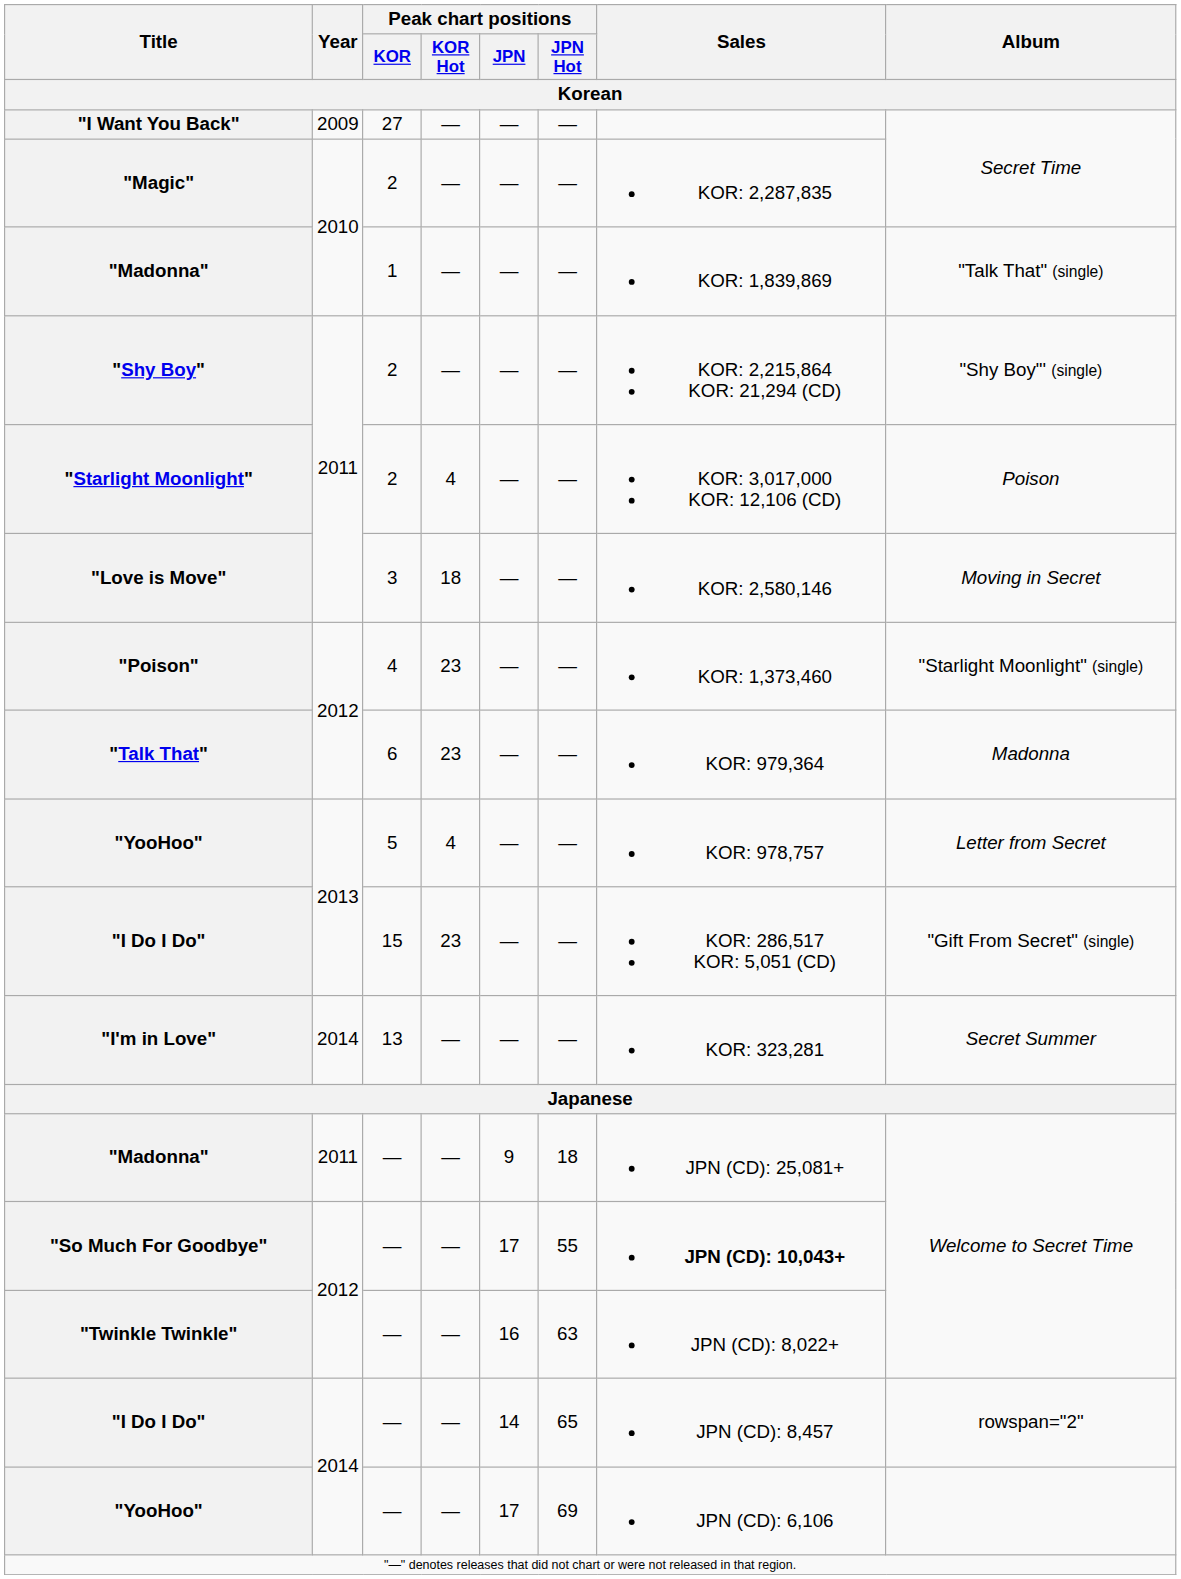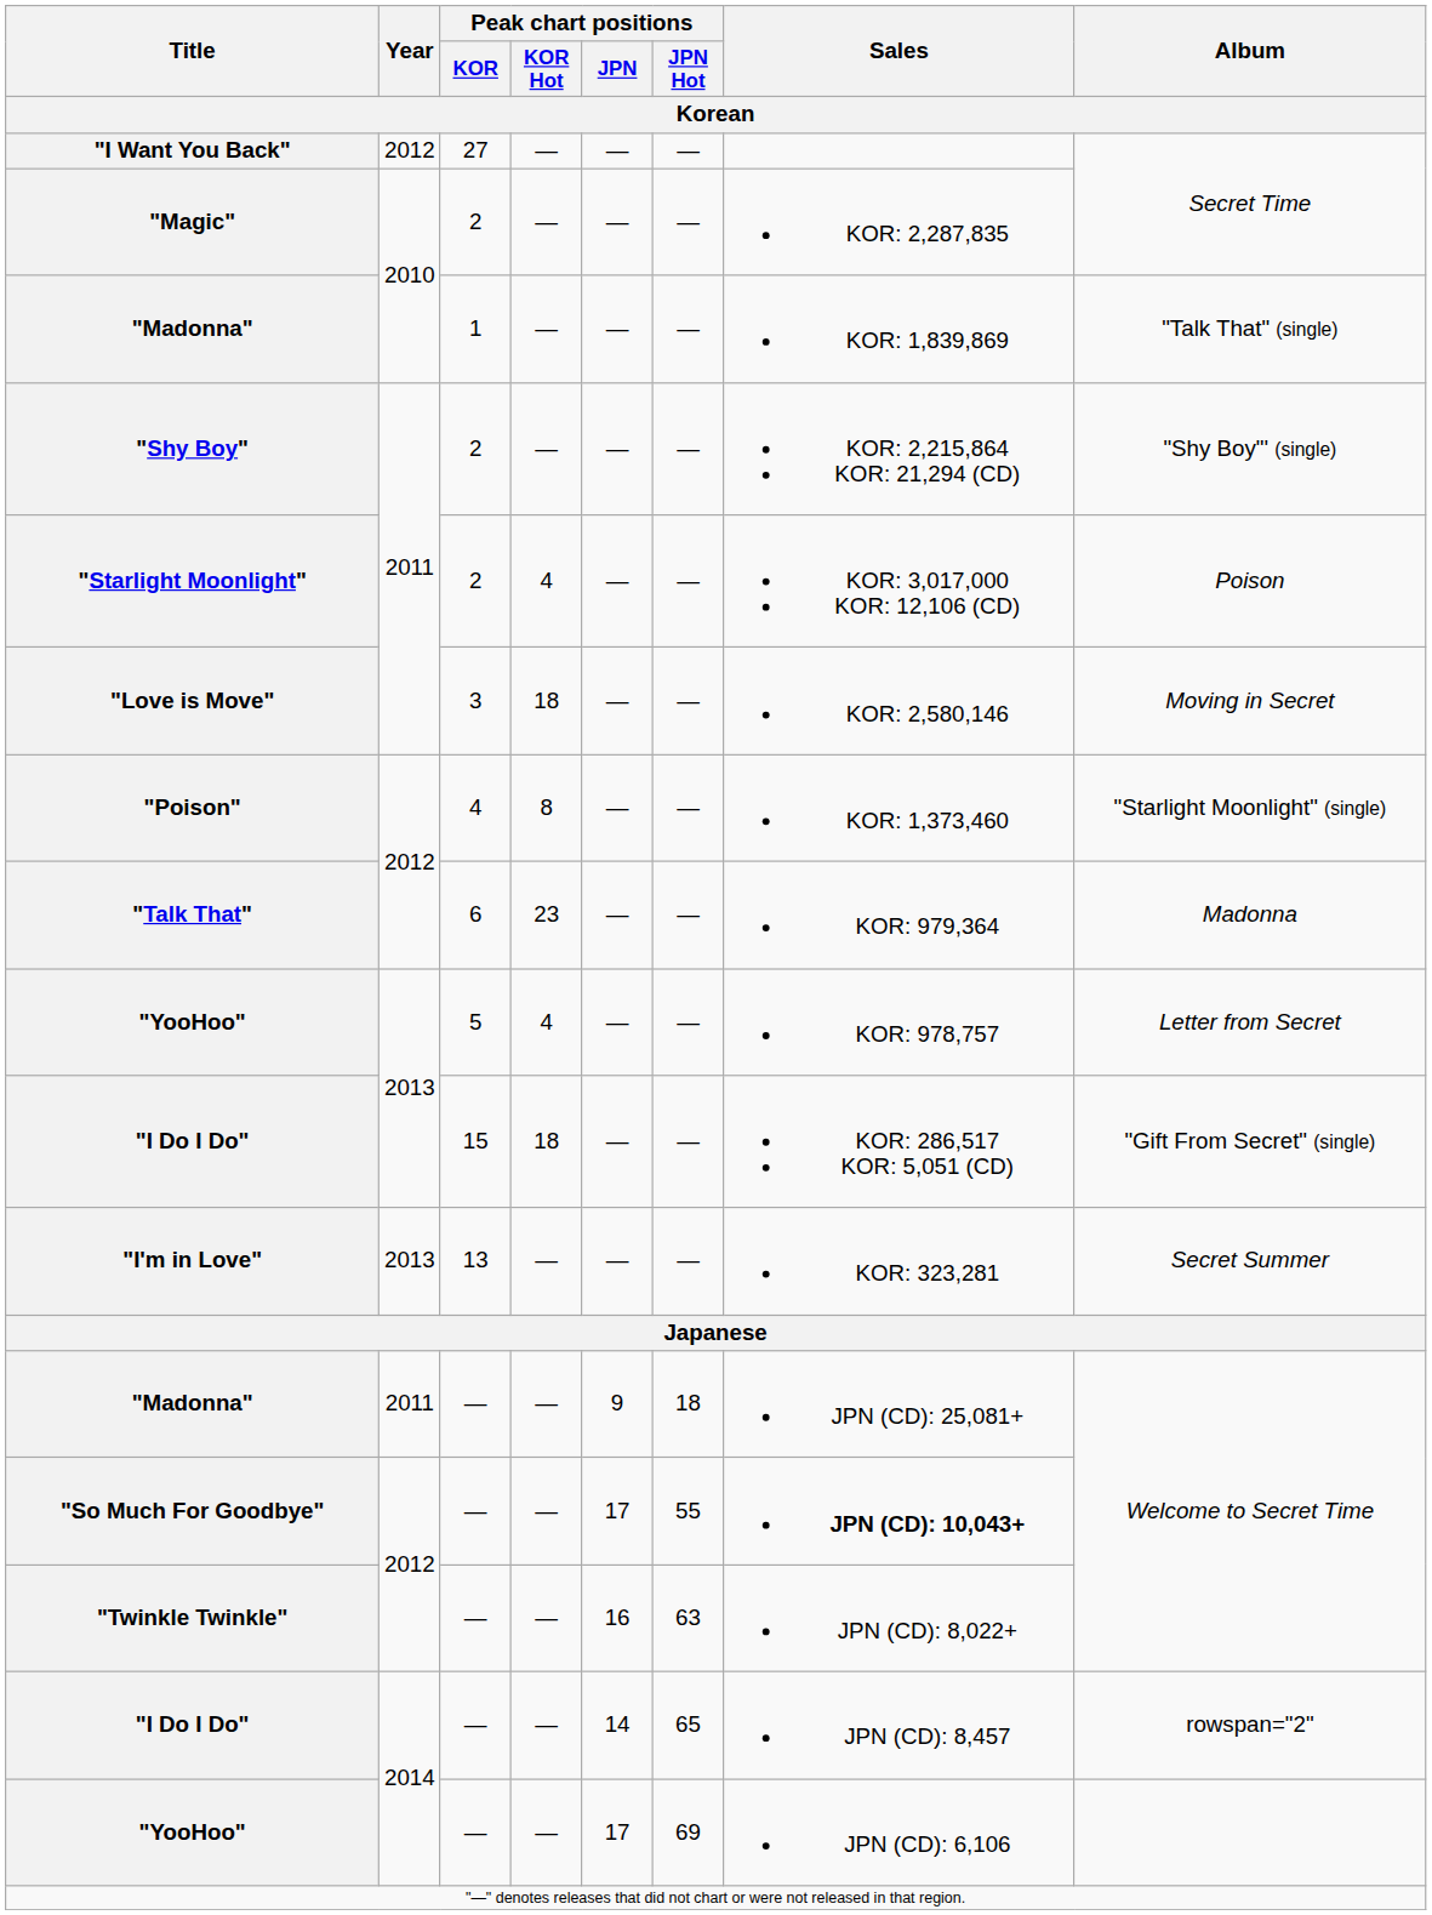 <table class="wikitable plainrowheaders" style="text-align:center;">
 <tr>
 <th scope="col" rowspan="2" style="width:16em;">Title</th>
 <th scope="col" rowspan="2">Year</th>
 <th scope="col" colspan="4">Peak chart positions</th>
 <th scope="col" rowspan="2" style="width:15em;">Sales</th>
 <th scope="col" rowspan="2" style="width:15em;">Album</th>
 </tr>
 <tr>
 <th scope="col" style="width:3em;font-size:90%;"><a href='#'>KOR</a><br></th>
 <th scope="col" style="width:3em;font-size:90%;"><a href='#'>KOR<br>Hot</a><br></th>
 <th scope="col" style="width:3em;font-size:90%;"><a href='#'>JPN</a></th>
 <th scope="col" style="width:3em;font-size:90%;"><a href='#'>JPN<br>Hot</a></th>
 </tr>
 <tr>
 <th colspan="12">Korean</th>
 </tr>
 <tr>
 <th scope="row">"I Want You Back"</th>
-<td>2009</td>
+<td>2012</td>
 <td>27</td>
 <td>—</td>
 <td>—</td>
 <td>—</td>
 <td></td>
 <td rowspan="2"><em>Secret Time</em></td>
 </tr>
 <tr>
 <th scope="row">"Magic"</th>
 <td rowspan="2">2010</td>
 <td>2</td>
 <td>—</td>
 <td>—</td>
 <td>—</td>
 <td><br><ul><li>KOR: 2,287,835</li></ul></td>
 </tr>
 <tr>
 <th scope="row">"Madonna"</th>
 <td>1</td>
 <td>—</td>
 <td>—</td>
 <td>—</td>
 <td><br><ul><li>KOR: 1,839,869</li></ul></td>
 <td>"Talk That" <small>(single)</small></td>
 </tr>
 <tr>
 <th scope="row">"<a href='#'>Shy Boy</a>"</th>
 <td rowspan="3">2011</td>
 <td>2</td>
 <td>—</td>
 <td>—</td>
 <td>—</td>
 <td><br><ul><li>KOR: 2,215,864</li><li>KOR: 21,294 (CD)</li></ul></td>
 <td>"Shy Boy"' <small>(single)</small></td>
 </tr>
 <tr>
 <th scope="row">"<a href='#'>Starlight Moonlight</a>"</th>
 <td>2</td>
 <td>4</td>
 <td>—</td>
 <td>—</td>
 <td><br><ul><li>KOR: 3,017,000</li><li>KOR: 12,106 (CD)</li></ul></td>
 <td><em>Poison</em></td>
 </tr>
 <tr>
 <th scope="row">"Love is Move"</th>
 <td>3</td>
 <td>18</td>
 <td>—</td>
 <td>—</td>
 <td><br><ul><li>KOR: 2,580,146</li></ul></td>
 <td><em>Moving in Secret</em></td>
 </tr>
 <tr>
 <th scope="row">"Poison"</th>
 <td rowspan="2">2012</td>
 <td>4</td>
-<td>23</td>
+<td>8</td>
 <td>—</td>
 <td>—</td>
 <td><br><ul><li>KOR: 1,373,460</li></ul></td>
 <td>"Starlight Moonlight" <small>(single)</small></td>
 </tr>
 <tr>
 <th scope="row">"<a href='#'>Talk That</a>"</th>
 <td>6</td>
 <td>23</td>
 <td>—</td>
 <td>—</td>
 <td><br><ul><li>KOR: 979,364</li></ul></td>
 <td><em>Madonna</em></td>
 </tr>
 <tr>
 <th scope="row">"YooHoo"</th>
 <td rowspan="2">2013</td>
 <td>5</td>
 <td>4</td>
 <td>—</td>
 <td>—</td>
 <td><br><ul><li>KOR: 978,757</li></ul></td>
 <td><em>Letter from Secret</em></td>
 </tr>
 <tr>
 <th scope="row">"I Do I Do"</th>
 <td>15</td>
-<td>23</td>
+<td>18</td>
 <td>—</td>
 <td>—</td>
 <td><br><ul><li>KOR: 286,517</li><li>KOR: 5,051 (CD)</li></ul></td>
 <td>"Gift From Secret" <small>(single)</small></td>
 </tr>
 <tr>
 <th scope="row">"I'm in Love"</th>
-<td>2014</td>
+<td>2013</td>
 <td>13</td>
 <td>—</td>
 <td>—</td>
 <td>—</td>
 <td><br><ul><li>KOR: 323,281</li></ul></td>
 <td><em>Secret Summer</em></td>
 </tr>
 <tr>
 <th colspan="12">Japanese</th>
 </tr>
 <tr>
 <th scope="row">"Madonna"</th>
 <td>2011</td>
 <td>—</td>
 <td>—</td>
 <td>9</td>
 <td>18</td>
 <td><br><ul><li>JPN (CD): 25,081+</li></ul></td>
 <td rowspan="3"><em>Welcome to Secret Time</em></td>
 </tr>
 <tr>
 <th scope="row">"So Much For Goodbye"</th>
 <td rowspan="2">2012</td>
 <td>—</td>
 <td>—</td>
 <td>17</td>
 <td>55</td>
 <td><strong><br><ul><li>JPN (CD): 10,043+</li></ul></strong></td>
 </tr>
 <tr>
 <th scope="row">"Twinkle Twinkle"</th>
 <td>—</td>
 <td>—</td>
 <td>16</td>
 <td>63</td>
 <td><br><ul><li>JPN (CD): 8,022+</li></ul></td>
 </tr>
 <tr>
 <th scope="row">"I Do I Do"</th>
 <td rowspan="2">2014</td>
 <td>—</td>
 <td>—</td>
 <td>14</td>
 <td>65</td>
 <td><br><ul><li>JPN (CD): 8,457</li></ul></td>
 <td>rowspan="2" </td>
 </tr>
 <tr>
 <th scope="row">"YooHoo"</th>
 <td>—</td>
 <td>—</td>
 <td>17</td>
 <td>69</td>
 <td><br><ul><li>JPN (CD): 6,106</li></ul></td>
 </tr>
 <tr>
 <td colspan="8" style="font-size:8pt">"—" denotes releases that did not chart or were not released in that region.</td>
 </tr>
 </table>
